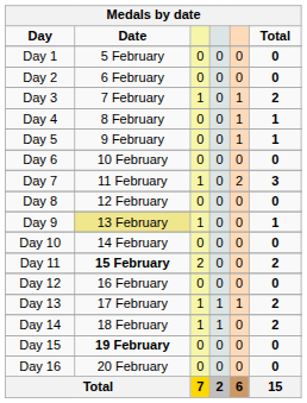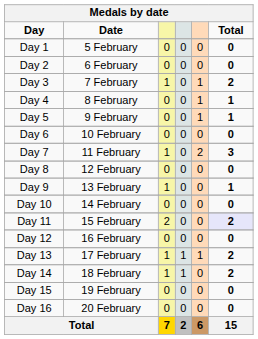 <table class="wikitable" style="font-size:85%;float:right;clear:right;min-width:308px;">
 <tr bgcolor=efefef>
 <th colspan=6>Medals by date</th>
 </tr>
 <tr align=center>
 <td><strong>Day</strong></td>
 <td><strong>Date</strong></td>
 <td bgcolor=#f7f6a8></td>
 <td bgcolor=#dce5e5></td>
 <td bgcolor=#ffdab9></td>
 <td><strong>Total</strong></td>
 </tr>
 <tr>
 </tr>
 <tr align=center>
 <td>Day 1</td>
 <td>5 February</td>
 <td bgcolor=F7F6A8>0</td>
 <td bgcolor=DCE5E5>0</td>
 <td bgcolor=FFDAB9>0</td>
 <td><strong>0</strong></td>
 </tr>
 <tr>
 </tr>
 <tr align=center>
 <td>Day 2</td>
 <td>6 February</td>
 <td bgcolor=F7F6A8>0</td>
 <td bgcolor=DCE5E5>0</td>
 <td bgcolor=FFDAB9>0</td>
 <td><strong>0</strong></td>
 </tr>
 <tr>
 </tr>
 <tr align=center>
 <td>Day 3</td>
 <td>7 February</td>
 <td bgcolor=F7F6A8>1</td>
 <td bgcolor=DCE5E5>0</td>
 <td bgcolor=FFDAB9>1</td>
 <td><strong>2</strong></td>
 </tr>
 <tr>
 </tr>
 <tr align=center>
 <td>Day 4</td>
 <td>8 February</td>
 <td bgcolor=F7F6A8>0</td>
 <td bgcolor=DCE5E5>0</td>
 <td bgcolor=FFDAB9>1</td>
 <td><strong>1</strong></td>
 </tr>
 <tr>
 </tr>
 <tr align=center>
 <td>Day 5</td>
 <td>9 February</td>
 <td bgcolor=F7F6A8>0</td>
 <td bgcolor=DCE5E5>0</td>
 <td bgcolor=FFDAB9>1</td>
 <td><strong>1</strong></td>
 </tr>
 <tr>
 </tr>
 <tr align=center>
 <td>Day 6</td>
 <td>10 February</td>
 <td bgcolor=F7F6A8>0</td>
 <td bgcolor=DCE5E5>0</td>
 <td bgcolor=FFDAB9>0</td>
 <td><strong>0</strong></td>
 </tr>
 <tr>
 </tr>
 <tr align=center>
 <td>Day 7</td>
 <td>11 February</td>
 <td bgcolor=F7F6A8>1</td>
 <td bgcolor=DCE5E5>0</td>
 <td bgcolor=FFDAB9>2</td>
 <td><strong>3</strong></td>
 </tr>
 <tr>
 </tr>
 <tr align=center>
 <td>Day 8</td>
 <td>12 February</td>
 <td bgcolor=F7F6A8>0</td>
 <td bgcolor=DCE5E5>0</td>
 <td bgcolor=FFDAB9>0</td>
 <td><strong>0</strong></td>
 </tr>
 <tr>
 </tr>
 <tr align=center>
 <td>Day 9</td>
-<td style="background: khaki;">13 February</td>
+<td>13 February</td>
 <td bgcolor=F7F6A8>1</td>
 <td bgcolor=DCE5E5>0</td>
 <td bgcolor=FFDAB9>0</td>
 <td><strong>1</strong></td>
 </tr>
 <tr>
 </tr>
 <tr align=center>
 <td>Day 10</td>
 <td>14 February</td>
 <td bgcolor=F7F6A8>0</td>
 <td bgcolor=DCE5E5>0</td>
 <td bgcolor=FFDAB9>0</td>
 <td><strong>0</strong></td>
 </tr>
 <tr>
 </tr>
 <tr align=center>
 <td>Day 11</td>
-<td><strong>15 February</strong></td>
+<td>15 February</td>
 <td bgcolor=F7F6A8>2</td>
 <td bgcolor=DCE5E5>0</td>
 <td bgcolor=FFDAB9>0</td>
-<td><strong>2</strong></td>
+<td style="background: lavender;"><strong>2</strong></td>
 </tr>
 <tr>
 </tr>
 <tr align=center>
 <td>Day 12</td>
 <td>16 February</td>
 <td bgcolor=F7F6A8>0</td>
 <td bgcolor=DCE5E5>0</td>
 <td bgcolor=FFDAB9>0</td>
 <td><strong>0</strong></td>
 </tr>
 <tr>
 </tr>
 <tr align=center>
 <td>Day 13</td>
 <td>17 February</td>
 <td bgcolor=F7F6A8>1</td>
 <td bgcolor=DCE5E5>1</td>
 <td bgcolor=FFDAB9>1</td>
 <td><strong>2</strong></td>
 </tr>
 <tr>
 </tr>
 <tr align=center>
 <td>Day 14</td>
 <td>18 February</td>
 <td bgcolor=F7F6A8>1</td>
 <td bgcolor=DCE5E5>1</td>
 <td bgcolor=FFDAB9>0</td>
 <td><strong>2</strong></td>
 </tr>
 <tr>
 </tr>
 <tr align=center>
 <td>Day 15</td>
-<td><strong>19 February</strong></td>
+<td>19 February</td>
 <td bgcolor=F7F6A8>0</td>
 <td bgcolor=DCE5E5>0</td>
 <td bgcolor=FFDAB9>0</td>
 <td><strong>0</strong></td>
 </tr>
 <tr>
 </tr>
 <tr align=center>
 <td>Day 16</td>
 <td>20 February</td>
 <td bgcolor=F7F6A8>0</td>
 <td bgcolor=DCE5E5>0</td>
 <td bgcolor=FFDAB9>0</td>
 <td><strong>0</strong></td>
 </tr>
 <tr>
 <th colspan=2>Total</th>
 <th style="background:gold">7</th>
 <th style="background:silver">2</th>
 <th style="background:#c96">6</th>
 <th>15</th>
 </tr>
 </table>
